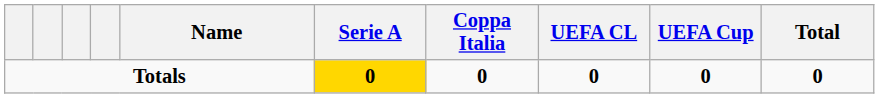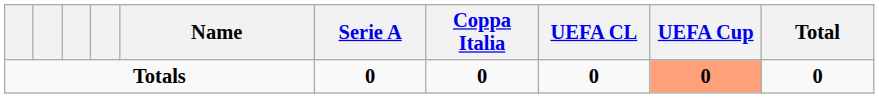 <table class="wikitable" style="text-align:center">
 <tr>
 <th width=15></th>
 <th width=15></th>
 <th width=15></th>
 <th width=15></th>
 <th width=145>Name</th>
 <th width=80><a href='#'>Serie A</a></th>
 <th width=80><a href='#'>Coppa Italia</a></th>
 <th width=80><a href='#'>UEFA CL</a></th>
 <th width=80><a href='#'>UEFA Cup</a></th>
 <th width=80>Total</th>
 </tr>
 <tr>
 <td colspan=5><strong>Totals</strong></td>
-<td style="background: gold;"><strong>0</strong></td>
 <td><strong>0</strong></td>
 <td><strong>0</strong></td>
 <td><strong>0</strong></td>
+<td style="background: lightsalmon;"><strong>0</strong></td>
 <td><strong>0</strong></td>
 </tr>
 </table>
